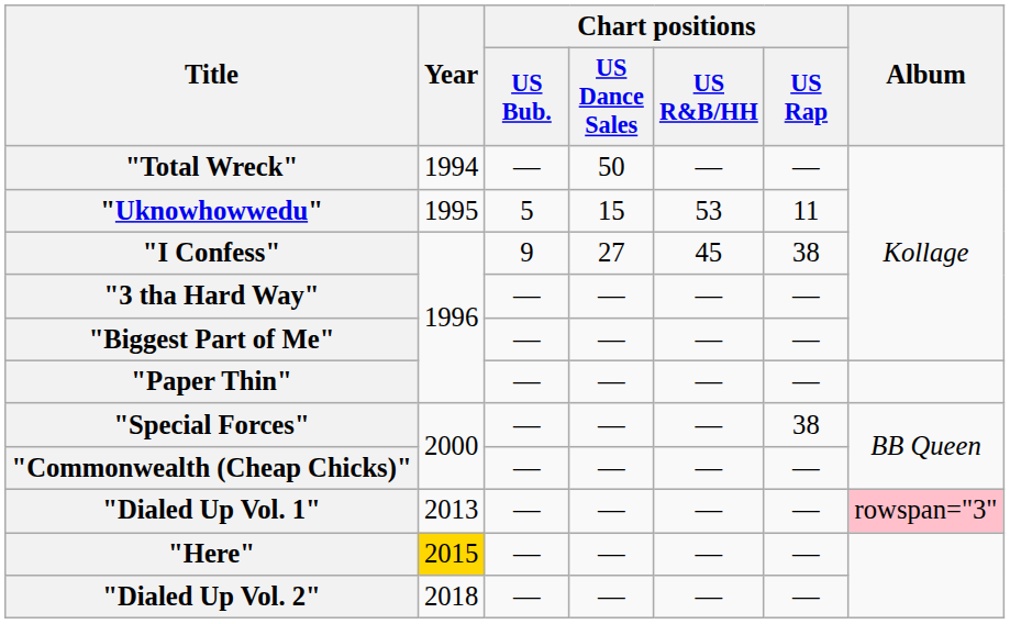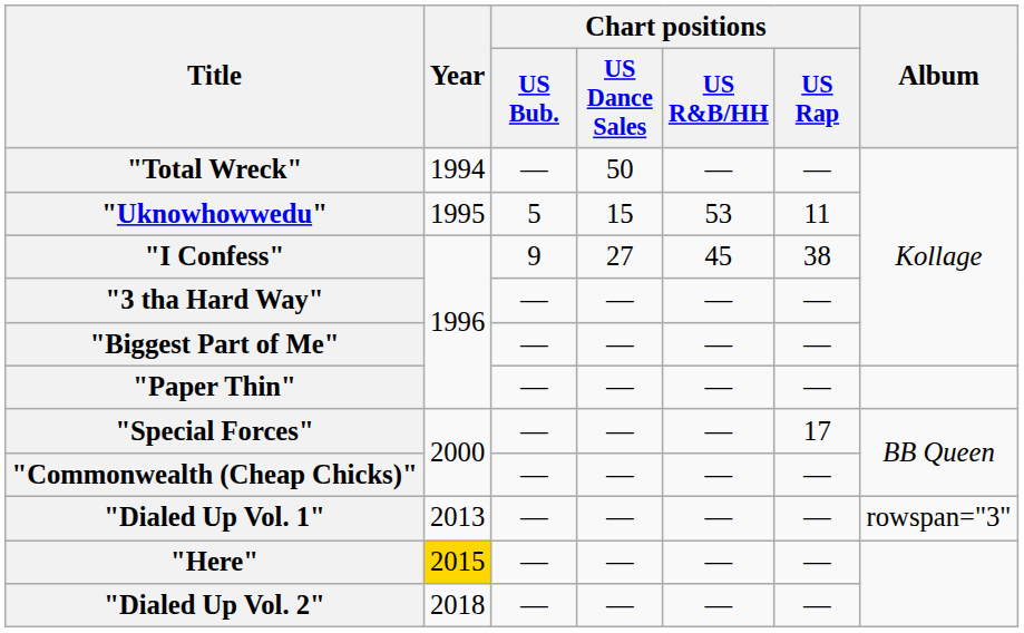 <table class="wikitable plainrowheaders" style="text-align:center">
 <tr>
 <th scope="col" rowspan="2">Title</th>
 <th scope="col" rowspan="2">Year</th>
 <th scope="col" colspan="4">Chart positions</th>
 <th scope="col" rowspan="2">Album</th>
 </tr>
 <tr>
 <th scope="col" style="width:3em;font-size:90%;"><a href='#'>US<br>Bub.</a><br></th>
 <th scope="col" style="width:3em;font-size:90%;"><a href='#'>US<br>Dance<br>Sales</a><br></th>
 <th scope="col" style="width:3em;font-size:90%;"><a href='#'>US<br>R&B/HH</a><br></th>
 <th scope="col" style="width:3em;font-size:90%;"><a href='#'>US<br>Rap</a><br></th>
 </tr>
 <tr>
 <th scope="row">"Total Wreck"</th>
 <td>1994</td>
 <td>—</td>
 <td>50</td>
 <td>—</td>
 <td>—</td>
 <td rowspan="5"><em>Kollage</em></td>
 </tr>
 <tr>
 <th scope="row">"<a href='#'>Uknowhowwedu</a>"</th>
 <td>1995</td>
 <td>5</td>
 <td>15</td>
 <td>53</td>
 <td>11</td>
 </tr>
 <tr>
 <th scope="row">"I Confess"</th>
 <td rowspan="4">1996</td>
 <td>9</td>
 <td>27</td>
 <td>45</td>
 <td>38</td>
 </tr>
 <tr>
 <th scope="row">"3 tha Hard Way"</th>
 <td>—</td>
 <td>—</td>
 <td>—</td>
 <td>—</td>
 </tr>
 <tr>
 <th scope="row">"Biggest Part of Me"</th>
 <td>—</td>
 <td>—</td>
 <td>—</td>
 <td>—</td>
 </tr>
 <tr>
 <th scope="row">"Paper Thin"</th>
 <td>—</td>
 <td>—</td>
 <td>—</td>
 <td>—</td>
 <td></td>
 </tr>
 <tr>
 <th scope="row">"Special Forces"<br></th>
 <td rowspan="2">2000</td>
 <td>—</td>
 <td>—</td>
 <td>—</td>
-<td>38</td>
+<td>17</td>
 <td rowspan="2"><em>BB Queen</em></td>
 </tr>
 <tr>
 <th scope="row">"Commonwealth (Cheap Chicks)"</th>
 <td>—</td>
 <td>—</td>
 <td>—</td>
 <td>—</td>
 </tr>
 <tr>
 <th scope="row">"Dialed Up Vol. 1"</th>
 <td>2013</td>
 <td>—</td>
 <td>—</td>
 <td>—</td>
 <td>—</td>
-<td style="background: pink;">rowspan="3" </td>
+<td>rowspan="3" </td>
 </tr>
 <tr>
 <th scope="row">"Here"</th>
 <td style="background: gold;">2015</td>
 <td>—</td>
 <td>—</td>
 <td>—</td>
 <td>—</td>
 </tr>
 <tr>
 <th scope="row">"Dialed Up Vol. 2"</th>
 <td>2018</td>
 <td>—</td>
 <td>—</td>
 <td>—</td>
 <td>—</td>
 </tr>
 </table>
